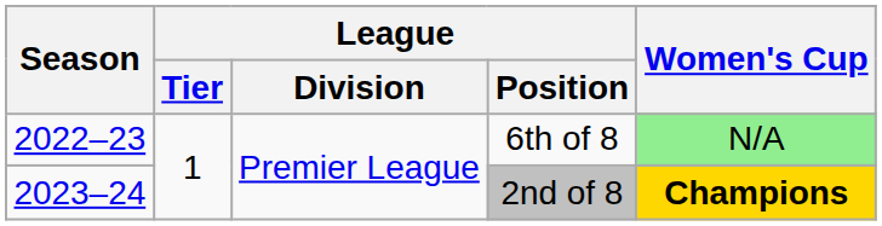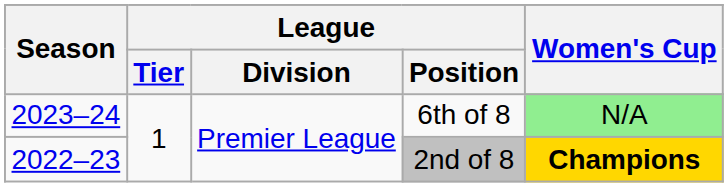 <table class="wikitable" style="font-size:90%; text-align:center;">
 <tr>
 <th rowspan="2">Season</th>
 <th colspan="3">League</th>
 <th rowspan="2"><a href='#'>Women's Cup</a></th>
 </tr>
 <tr>
 <th><a href='#'>Tier</a></th>
 <th>Division</th>
 <th>Position</th>
 </tr>
 <tr>
-<td><a href='#'>2022–23</a></td>
+<td><a href='#'>2023–24</a></td>
 <td rowspan="2">1</td>
 <td rowspan="2"><a href='#'>Premier League</a></td>
 <td>6th of 8</td>
 <td style="background: lightgreen;">N/A</td>
 </tr>
 <tr>
-<td><a href='#'>2023–24</a></td>
+<td><a href='#'>2022–23</a></td>
 <td style="background:silver">2nd of 8</td>
 <td style="background:gold"><strong>Champions</strong></td>
 </tr>
 </table>
